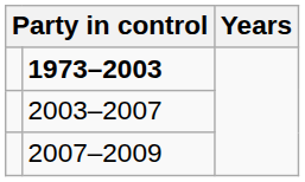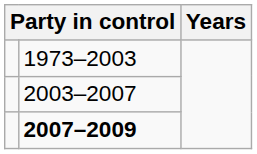 <table class="wikitable">
 <tr>
 <th colspan="2">Party in control</th>
 <th>Years</th>
 </tr>
 <tr>
 <td></td>
-<td><strong>1973–2003</strong></td>
+<td>1973–2003</td>
 </tr>
 <tr>
 <td></td>
 <td>2003–2007</td>
 </tr>
 <tr>
 <td></td>
-<td>2007–2009</td>
+<td><strong>2007–2009</strong></td>
 </tr>
 </table>
